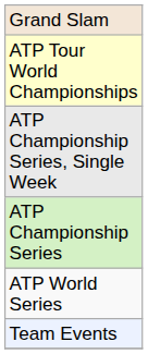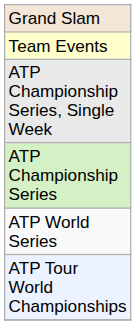 <table class="wikitable" style="font-size:90%;" width=15%>
 <tr bgcolor="#F3E6D7">
 <td>Grand Slam</td>
 </tr>
 <tr bgcolor="#FFFFCC">
-<td>ATP Tour World Championships</td>
+<td>Team Events</td>
 </tr>
 <tr bgcolor="#E9E9E9">
 <td>ATP Championship Series, Single Week</td>
 </tr>
 <tr bgcolor="#D4F1C5">
 <td>ATP Championship Series</td>
 </tr>
 <tr bgcolor=>
 <td>ATP World Series</td>
 </tr>
 <tr bgcolor="#ECF2FF">
-<td>Team Events</td>
+<td>ATP Tour World Championships</td>
 </tr>
 <tr>
 </tr>
 </table>
